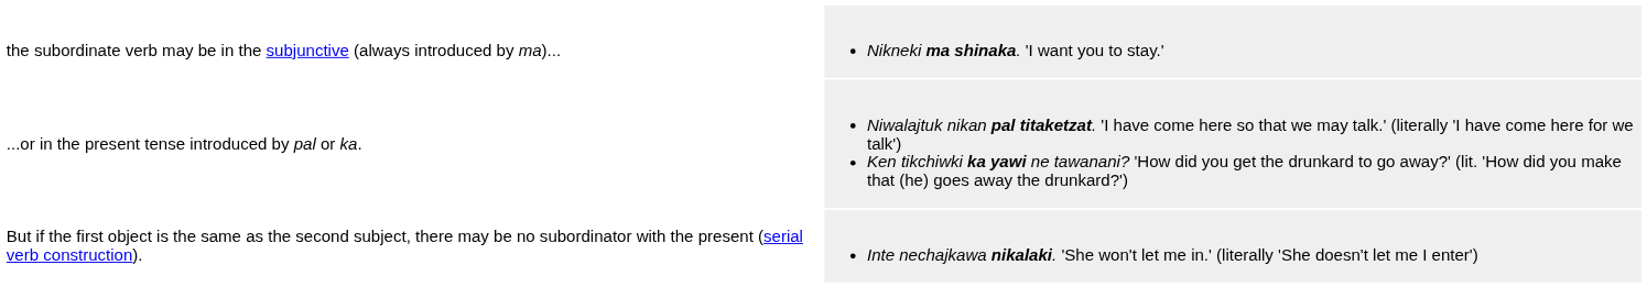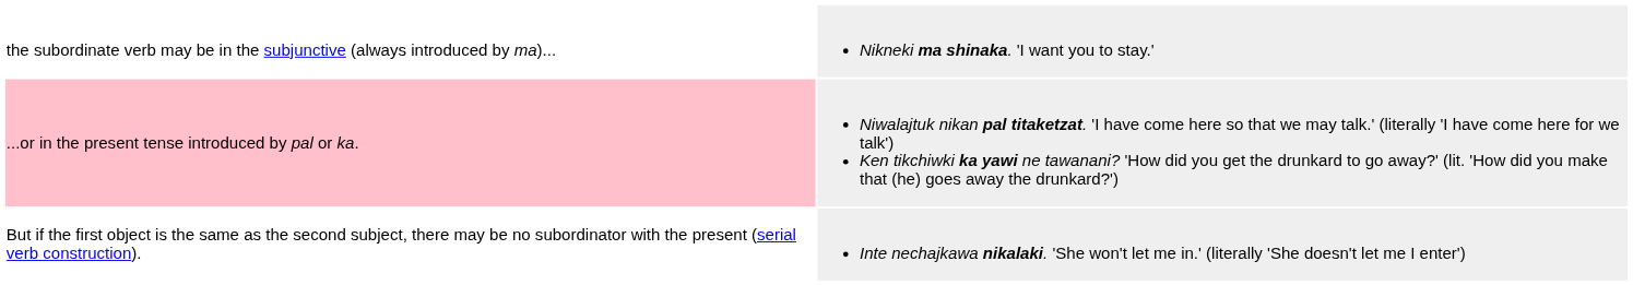 <table>
 <tr>
 <td width="50%"><br>the subordinate verb may be in the <a href='#'>subjunctive</a> (always introduced by <em>ma</em>)...</td>
 <td width="50%"; style="background:#efefef;"><br><ul><li><em>Nikneki <strong>ma shinaka</strong>.</em> 'I want you to stay.'</li></ul></td>
 </tr>
 <tr>
-<td>...or in the present tense introduced by <em>pal</em> or <em>ka</em>.</td>
+<td style="background: pink;">...or in the present tense introduced by <em>pal</em> or <em>ka</em>.</td>
 <td style="background:#efefef;"><br><ul><li><em>Niwalajtuk nikan <strong>pal titaketzat</strong>.</em> 'I have come here so that we may talk.' (literally 'I have come here for we talk')</li><li><em>Ken tikchiwki <strong>ka yawi</strong> ne tawanani?</em> 'How did you get the drunkard to go away?' (lit. 'How did you make that (he) goes away the drunkard?')</li></ul></td>
 </tr>
 <tr>
 <td>But if the first object is the same as the second subject, there may be no subordinator with the present (<a href='#'>serial verb construction</a>).</td>
 <td style="background:#efefef;"><br><ul><li><em>Inte nechajkawa <strong>nikalaki</strong>.</em> 'She won't let me in.' (literally 'She doesn't let me I enter')</li></ul></td>
 </tr>
 </table>
